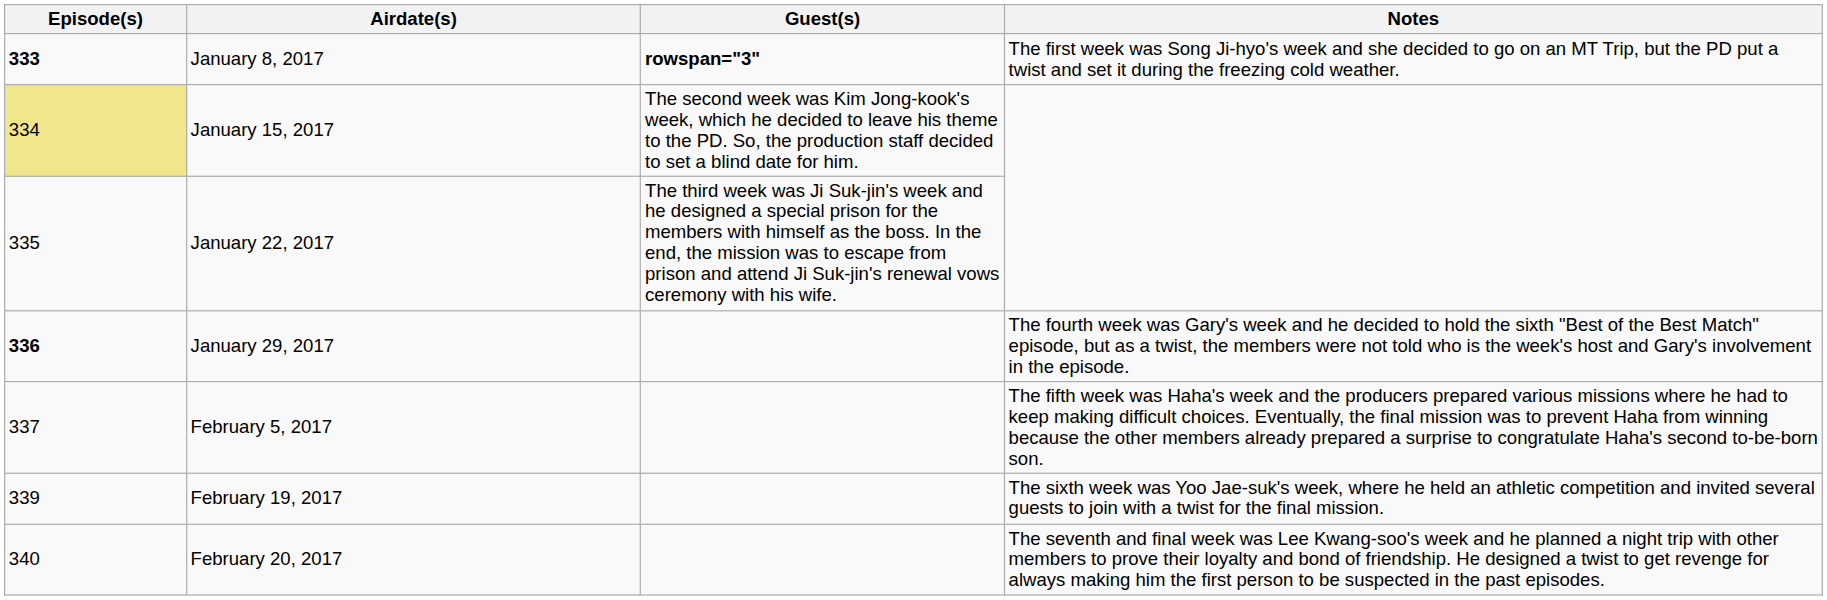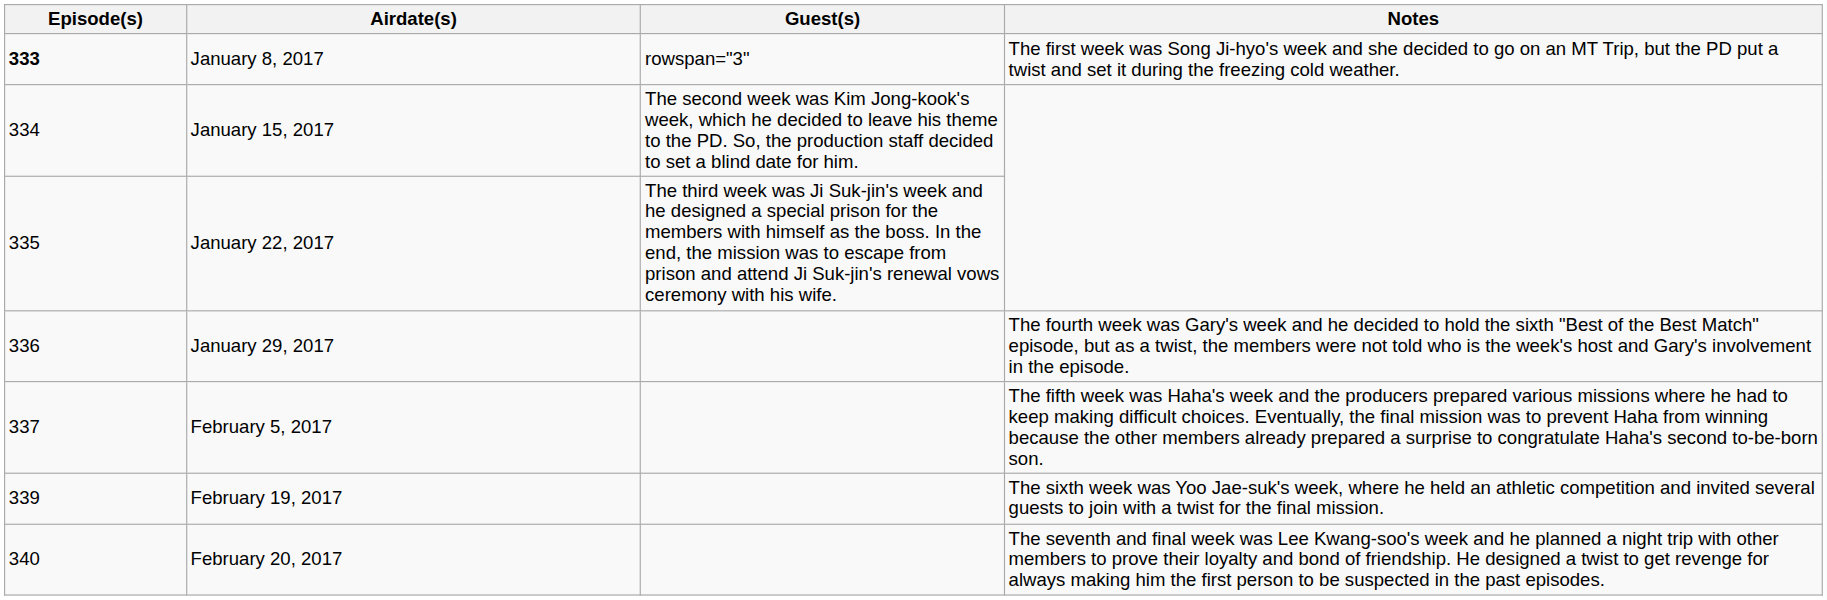 <table class="wikitable">
 <tr>
 <th style="width:10%;">Episode(s)</th>
 <th style="width:25%;">Airdate(s)</th>
 <th style="width:20%;">Guest(s)</th>
 <th style="width:55%;">Notes</th>
 </tr>
 <tr>
 <td><strong>333</strong></td>
 <td>January 8, 2017</td>
-<td><strong>rowspan="3" </strong></td>
+<td>rowspan="3" </td>
 <td>The first week was Song Ji-hyo's week and she decided to go on an MT Trip, but the PD put a twist and set it during the freezing cold weather.</td>
 </tr>
 <tr>
-<td style="background: khaki;">334</td>
+<td>334</td>
 <td>January 15, 2017</td>
 <td>The second week was Kim Jong-kook's week, which he decided to leave his theme to the PD. So, the production staff decided to set a blind date for him.</td>
 </tr>
 <tr>
 <td>335</td>
 <td>January 22, 2017</td>
 <td>The third week was Ji Suk-jin's week and he designed a special prison for the members with himself as the boss. In the end, the mission was to escape from prison and attend Ji Suk-jin's renewal vows ceremony with his wife.</td>
 </tr>
 <tr>
-<td><strong>336</strong></td>
+<td>336</td>
 <td>January 29, 2017</td>
 <td></td>
 <td>The fourth week was Gary's week and he decided to hold the sixth "Best of the Best Match" episode, but as a twist, the members were not told who is the week's host and Gary's involvement in the episode.</td>
 </tr>
 <tr>
 <td>337</td>
 <td>February 5, 2017</td>
 <td></td>
 <td>The fifth week was Haha's week and the producers prepared various missions where he had to keep making difficult choices. Eventually, the final mission was to prevent Haha from winning because the other members already prepared a surprise to congratulate Haha's second to-be-born son.</td>
 </tr>
 <tr>
 <td>339</td>
 <td>February 19, 2017</td>
 <td></td>
 <td>The sixth week was Yoo Jae-suk's week, where he held an athletic competition and invited several guests to join with a twist for the final mission.</td>
 </tr>
 <tr>
 <td>340</td>
 <td>February 20, 2017</td>
 <td></td>
 <td>The seventh and final week was Lee Kwang-soo's week and he planned a night trip with other members to prove their loyalty and bond of friendship. He designed a twist to get revenge for always making him the first person to be suspected in the past episodes.</td>
 </tr>
 </table>
